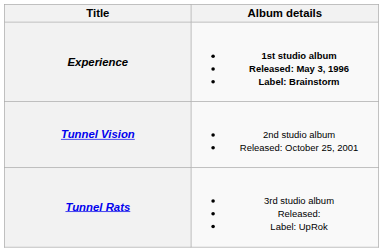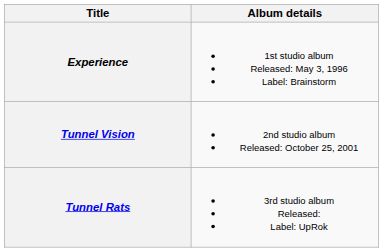 <table class="wikitable plainrowheaders" style="text-align:center;">
 <tr>
 <th scope="col" rowspan="1" style="width:16em;">Title</th>
 <th scope="col" rowspan="1" style="width:16em;">Album details</th>
 </tr>
 <tr>
 <th scope="row"><em>Experience</em></th>
-<td><strong><br><ul><li><small>1st studio album</small></li><li><small>Released: May 3, 1996</small></li><li><small>Label: Brainstorm</small></li></ul></strong></td>
+<td><br><ul><li><small>1st studio album</small></li><li><small>Released: May 3, 1996</small></li><li><small>Label: Brainstorm</small></li></ul></td>
 </tr>
 <tr>
 <th scope="row"><em><a href='#'>Tunnel Vision</a></em></th>
 <td><br><ul><li><small>2nd studio album</small></li><li><small>Released: October 25, 2001</small></li></ul></td>
 </tr>
 <tr>
 <th scope="row"><em><a href='#'>Tunnel Rats</a></em></th>
 <td><br><ul><li><small>3rd studio album</small></li><li><small>Released: </small></li><li><small>Label: UpRok</small></li></ul></td>
 </tr>
 </table>
